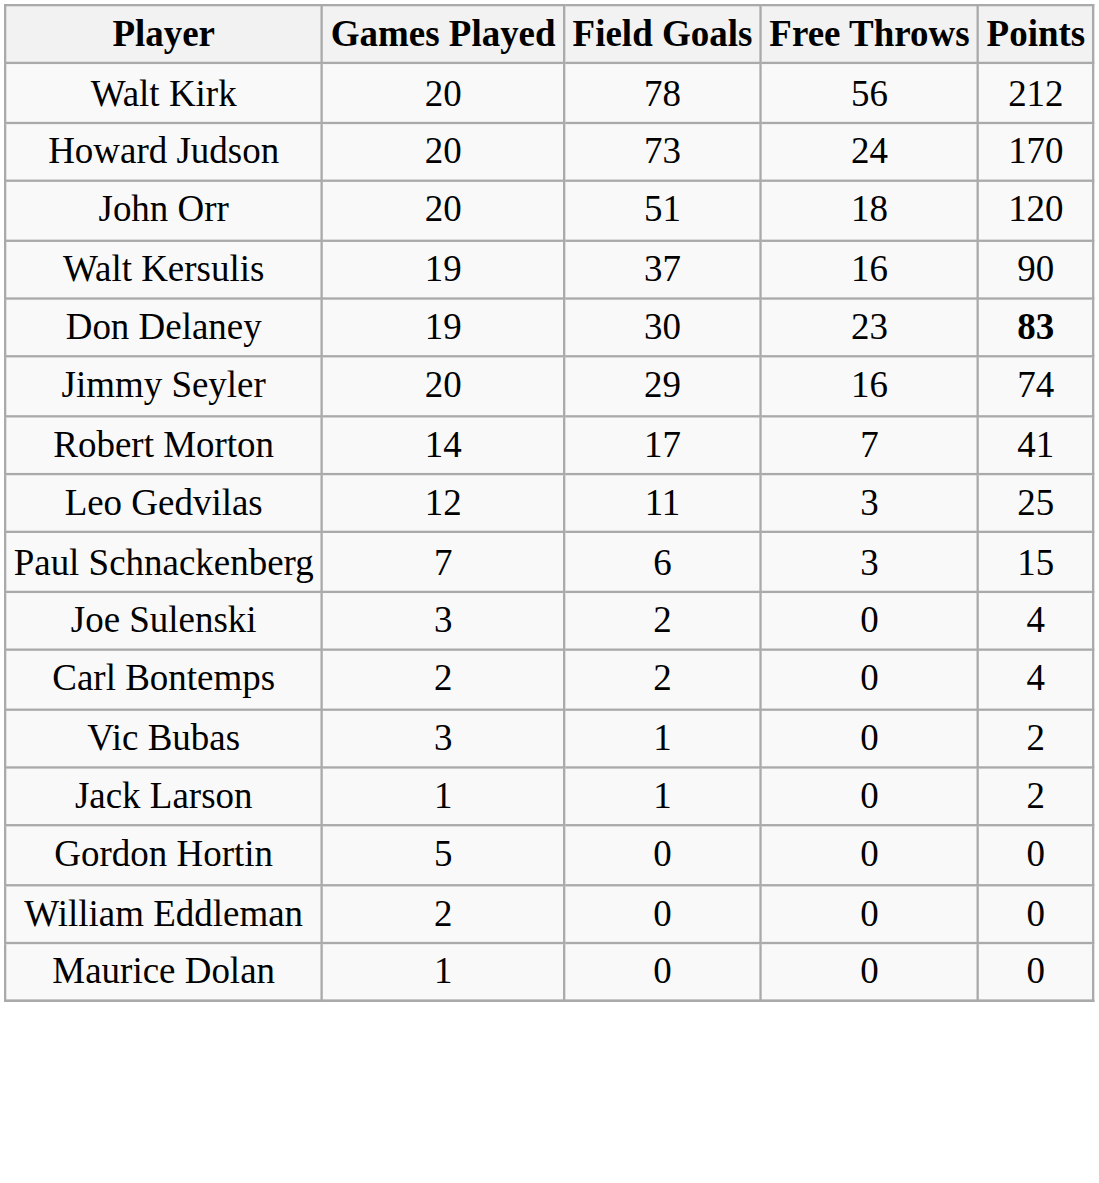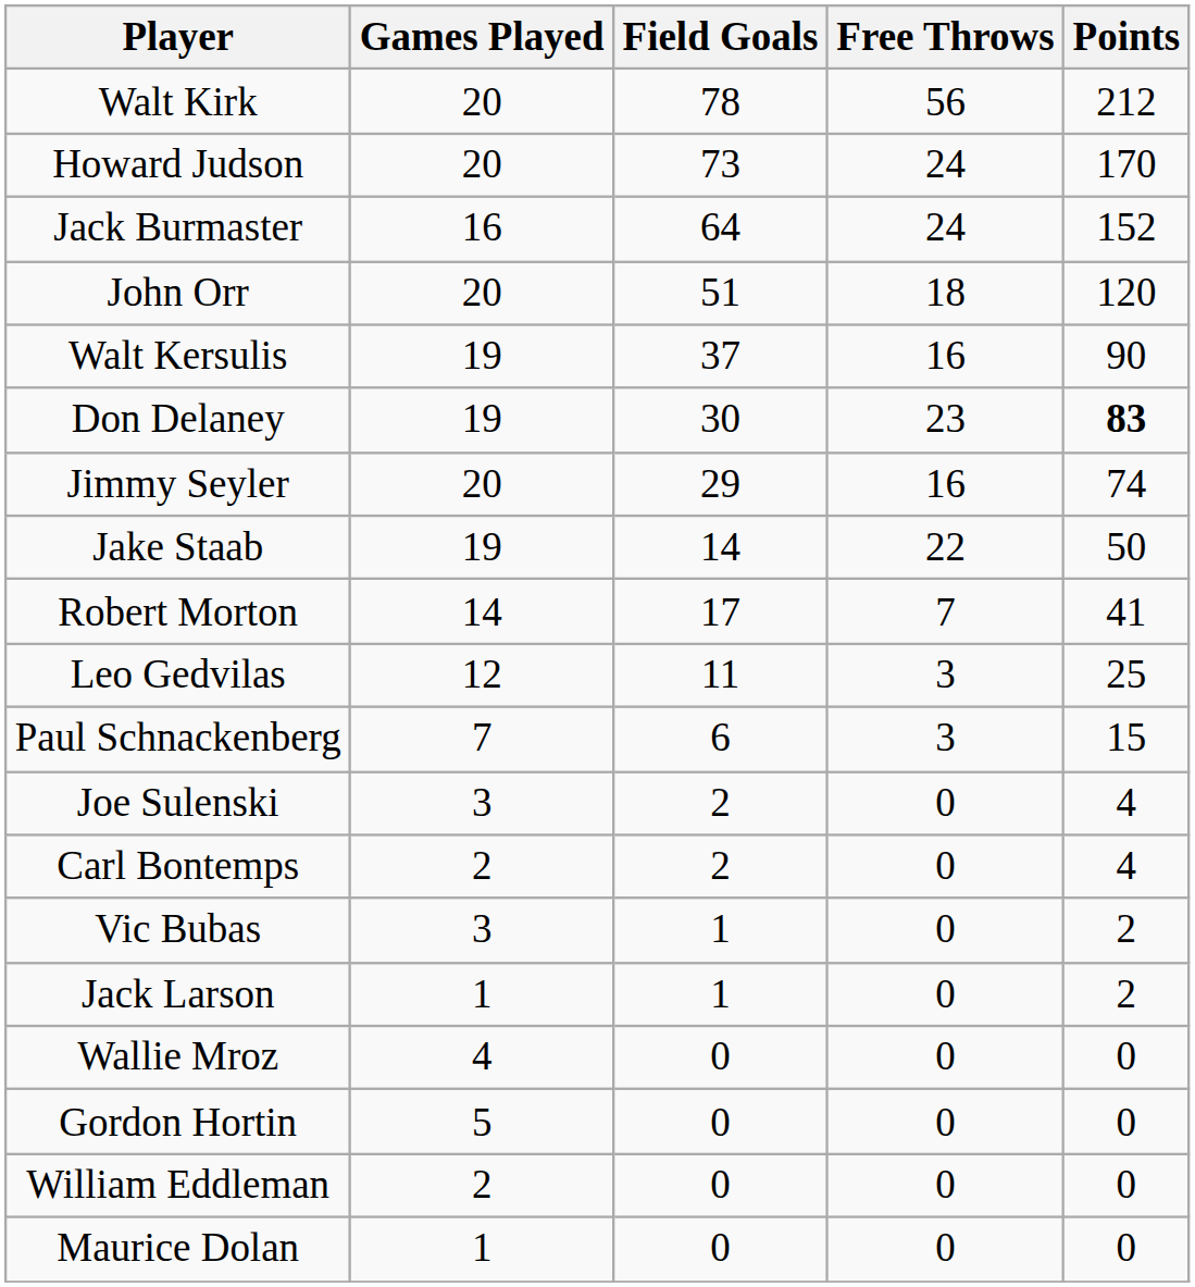 <table class="wikitable sortable">
 <tr>
 <th>Player</th>
 <th>Games Played</th>
 <th>Field Goals</th>
 <th>Free Throws</th>
 <th>Points</th>
 </tr>
 <tr align="center" bgcolor="">
 <td>Walt Kirk</td>
 <td>20</td>
 <td>78</td>
 <td>56</td>
 <td>212</td>
 </tr>
 <tr align="center" bgcolor="">
 <td>Howard Judson</td>
 <td>20</td>
 <td>73</td>
 <td>24</td>
 <td>170</td>
+</tr>
+<tr align="center" bgcolor="">
+<td>Jack Burmaster</td>
+<td>16</td>
+<td>64</td>
+<td>24</td>
+<td>152</td>
 </tr>
 <tr align="center" bgcolor="">
 <td>John Orr</td>
 <td>20</td>
 <td>51</td>
 <td>18</td>
 <td>120</td>
 </tr>
 <tr align="center" bgcolor="">
 <td>Walt Kersulis</td>
 <td>19</td>
 <td>37</td>
 <td>16</td>
 <td>90</td>
 </tr>
 <tr align="center" bgcolor="">
 <td>Don Delaney</td>
 <td>19</td>
 <td>30</td>
 <td>23</td>
 <td><strong>83</strong></td>
 </tr>
 <tr align="center" bgcolor="">
 <td>Jimmy Seyler</td>
 <td>20</td>
 <td>29</td>
 <td>16</td>
 <td>74</td>
+</tr>
+<tr align="center" bgcolor="">
+<td>Jake Staab</td>
+<td>19</td>
+<td>14</td>
+<td>22</td>
+<td>50</td>
 </tr>
 <tr align="center" bgcolor="">
 <td>Robert Morton</td>
 <td>14</td>
 <td>17</td>
 <td>7</td>
 <td>41</td>
 </tr>
 <tr align="center" bgcolor="">
 <td>Leo Gedvilas</td>
 <td>12</td>
 <td>11</td>
 <td>3</td>
 <td>25</td>
 </tr>
 <tr align="center" bgcolor="">
 <td>Paul Schnackenberg</td>
 <td>7</td>
 <td>6</td>
 <td>3</td>
 <td>15</td>
 </tr>
 <tr align="center" bgcolor="">
 <td>Joe Sulenski</td>
 <td>3</td>
 <td>2</td>
 <td>0</td>
 <td>4</td>
 </tr>
 <tr align="center" bgcolor="">
 <td>Carl Bontemps</td>
 <td>2</td>
 <td>2</td>
 <td>0</td>
 <td>4</td>
 </tr>
 <tr align="center" bgcolor="">
 <td>Vic Bubas</td>
 <td>3</td>
 <td>1</td>
 <td>0</td>
 <td>2</td>
 </tr>
 <tr align="center" bgcolor="">
 <td>Jack Larson</td>
 <td>1</td>
 <td>1</td>
 <td>0</td>
 <td>2</td>
 </tr>
 <tr align="center" bgcolor="">
+<td>Wallie Mroz</td>
+<td>4</td>
+<td>0</td>
+<td>0</td>
+<td>0</td>
+</tr>
+<tr align="center" bgcolor="">
 <td>Gordon Hortin</td>
 <td>5</td>
 <td>0</td>
 <td>0</td>
 <td>0</td>
 </tr>
 <tr align="center" bgcolor="">
 <td>William Eddleman</td>
 <td>2</td>
 <td>0</td>
 <td>0</td>
 <td>0</td>
 </tr>
 <tr align="center" bgcolor="">
 <td>Maurice Dolan</td>
 <td>1</td>
 <td>0</td>
 <td>0</td>
 <td>0</td>
 </tr>
 <tr align="center" bgcolor="">
 </tr>
 </table>
